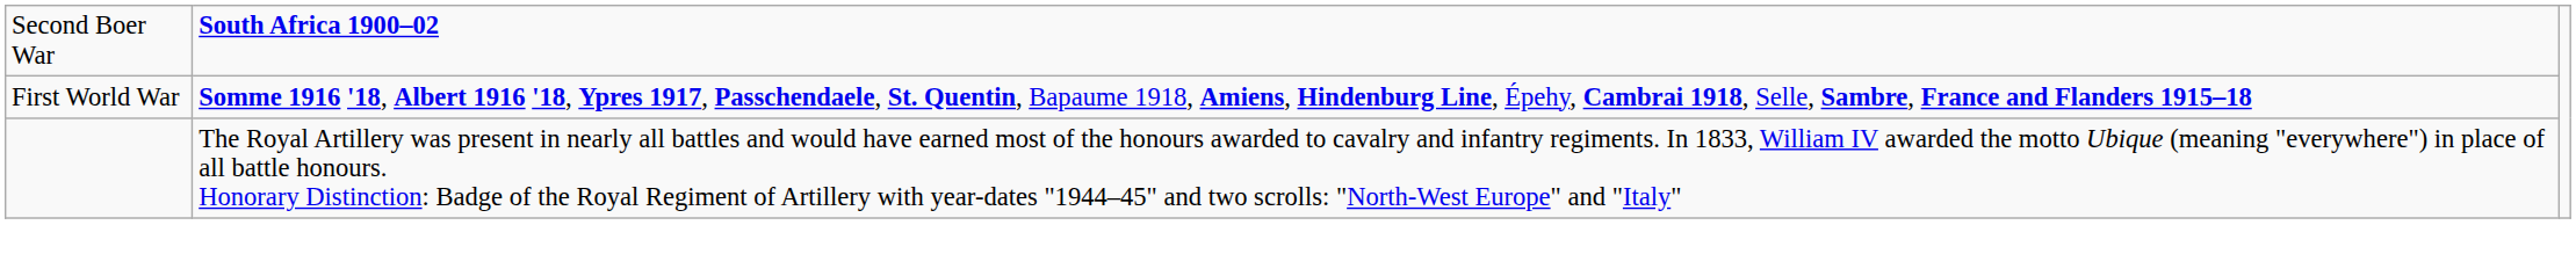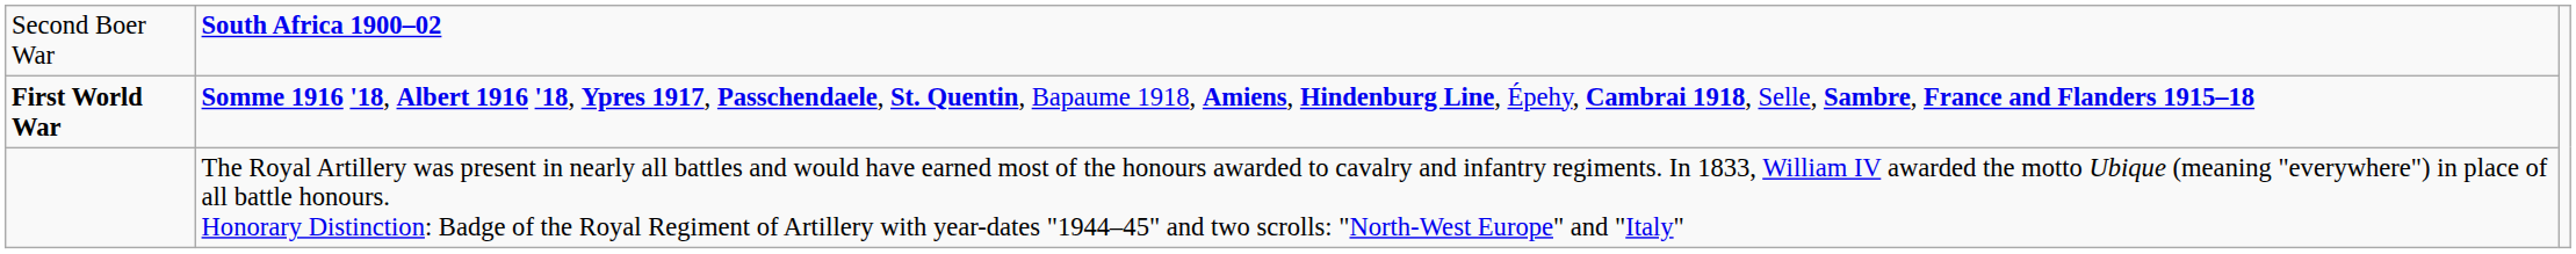 <table class="wikitable">
 <tr valign=top>
 <td>Second Boer War</td>
 <td><strong><a href='#'>South Africa 1900–02</a></strong></td>
 <td rowspan=3></td>
 </tr>
 <tr valign=top>
-<td>First World War</td>
+<td><strong>First World War</strong></td>
 <td><strong><a href='#'>Somme 1916</a></strong> <strong><a href='#'>'18</a></strong>, <strong><a href='#'>Albert 1916</a></strong> <strong><a href='#'>'18</a></strong>, <strong><a href='#'>Ypres 1917</a></strong>, <strong><a href='#'>Passchendaele</a></strong>, <strong><a href='#'>St. Quentin</a></strong>, <a href='#'>Bapaume 1918</a>, <strong><a href='#'>Amiens</a></strong>, <strong><a href='#'>Hindenburg Line</a></strong>, <a href='#'>Épehy</a>, <strong><a href='#'>Cambrai 1918</a></strong>, <a href='#'>Selle</a>, <strong><a href='#'>Sambre</a></strong>, <strong><a href='#'>France and Flanders 1915–18</a></strong></td>
 </tr>
 <tr valign=top>
 <td></td>
 <td>The Royal Artillery was present in nearly all battles and would have earned most of the honours awarded to cavalry and infantry regiments. In 1833, <a href='#'>William IV</a> awarded the motto <em>Ubique</em> (meaning "everywhere") in place of all battle honours.<br><a href='#'>Honorary Distinction</a>: Badge of the Royal Regiment of Artillery with year-dates "1944–45" and two scrolls: "<a href='#'>North-West Europe</a>" and "<a href='#'>Italy</a>"</td>
 </tr>
 </table>
